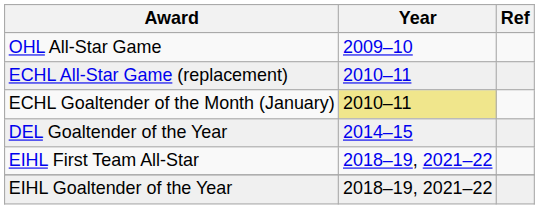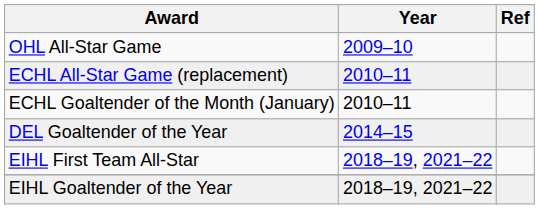 <table class="wikitable">
 <tr>
 <th>Award</th>
 <th>Year</th>
 <th>Ref</th>
 </tr>
 <tr>
 <td><a href='#'>OHL</a> All-Star Game</td>
 <td><a href='#'>2009–10</a></td>
 <td></td>
 </tr>
 <tr bgcolor="#f0f0f0">
 <td><a href='#'>ECHL All-Star Game</a> (replacement)</td>
 <td><a href='#'>2010–11</a></td>
 <td></td>
 </tr>
 <tr>
 <td>ECHL Goaltender of the Month (January)</td>
-<td style="background: khaki;">2010–11</td>
+<td>2010–11</td>
 <td></td>
 </tr>
 <tr bgcolor="#f0f0f0">
 <td><a href='#'>DEL</a> Goaltender of the Year</td>
 <td><a href='#'>2014–15</a></td>
 <td></td>
 </tr>
 <tr>
 <td><a href='#'>EIHL</a> First Team All-Star</td>
 <td><a href='#'>2018–19</a>, <a href='#'>2021–22</a></td>
 <td></td>
 </tr>
 <tr>
 </tr>
 <tr bgcolor="#f0f0f0">
 <td>EIHL Goaltender of the Year</td>
 <td>2018–19, 2021–22</td>
 <td></td>
 </tr>
 </table>
